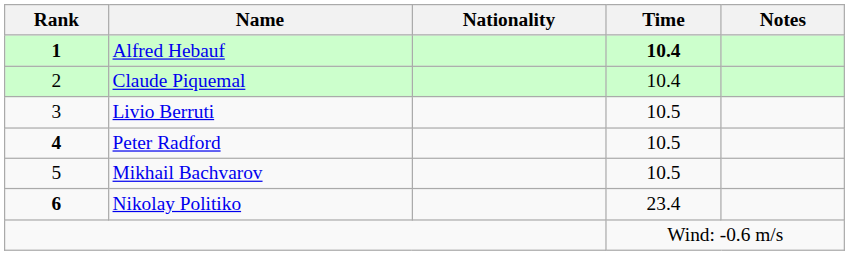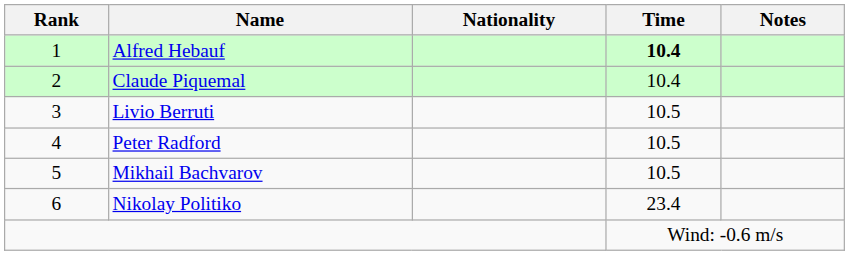 <table class="wikitable sortable" style="text-align:center;width: 55%">
 <tr>
 <th>Rank</th>
 <th>Name</th>
 <th>Nationality</th>
 <th>Time</th>
 <th>Notes</th>
 </tr>
 <tr bgcolor=ccffcc>
-<td><strong>1</strong></td>
+<td>1</td>
 <td align=left><a href='#'>Alfred Hebauf</a></td>
 <td align=left></td>
 <td><strong>10.4</strong></td>
 <td></td>
 </tr>
 <tr bgcolor=ccffcc>
 <td>2</td>
 <td align=left><a href='#'>Claude Piquemal</a></td>
 <td align=left></td>
 <td>10.4</td>
 <td></td>
 </tr>
 <tr>
 <td>3</td>
 <td align=left><a href='#'>Livio Berruti</a></td>
 <td align=left></td>
 <td>10.5</td>
 <td></td>
 </tr>
 <tr>
-<td><strong>4</strong></td>
+<td>4</td>
 <td align=left><a href='#'>Peter Radford</a></td>
 <td align=left></td>
 <td>10.5</td>
 <td></td>
 </tr>
 <tr>
 <td>5</td>
 <td align=left><a href='#'>Mikhail Bachvarov</a></td>
 <td align=left></td>
 <td>10.5</td>
 <td></td>
 </tr>
 <tr>
-<td><strong>6</strong></td>
+<td>6</td>
 <td align=left><a href='#'>Nikolay Politiko</a></td>
 <td align=left></td>
 <td>23.4</td>
 <td></td>
 </tr>
 <tr>
 <td colspan="3"></td>
 <td colspan="2">Wind: -0.6 m/s</td>
 </tr>
 </table>
